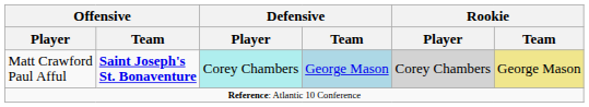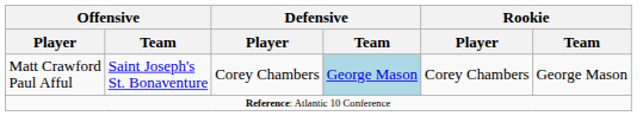 <table class="wikitable">
 <tr>
 <th colspan="2">Offensive</th>
 <th colspan="2">Defensive</th>
 <th colspan="2">Rookie</th>
 </tr>
 <tr>
 <th>Player</th>
 <th>Team</th>
 <th>Player</th>
 <th>Team</th>
 <th>Player</th>
 <th>Team</th>
 </tr>
 <tr>
 <td>Matt Crawford<br>Paul Afful</td>
-<td><strong><a href='#'>Saint Joseph's</a><br><a href='#'>St. Bonaventure</a></strong></td>
-<td style="background: paleturquoise;">Corey Chambers</td>
+<td><a href='#'>Saint Joseph's</a><br><a href='#'>St. Bonaventure</a></td>
+<td>Corey Chambers</td>
 <td style="background: lightblue;"><a href='#'>George Mason</a></td>
-<td style="background: lightgrey;">Corey Chambers</td>
-<td style="background: khaki;">George Mason</td>
+<td>Corey Chambers</td>
+<td>George Mason</td>
 </tr>
 <tr>
 <td colspan="12"  style="font-size:8pt; text-align:center;"><strong>Reference</strong>: Atlantic 10 Conference</td>
 </tr>
 </table>
